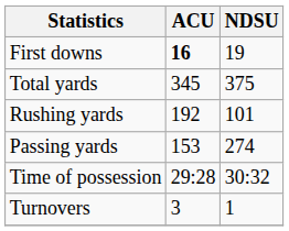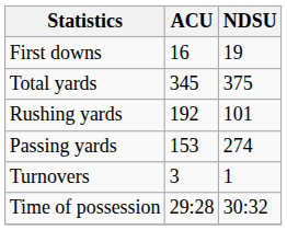 <table class="wikitable" style="float: left;">
 <tr>
 <th>Statistics</th>
 <th>ACU</th>
 <th>NDSU</th>
 </tr>
 <tr>
 <td>First downs</td>
-<td><strong>16</strong></td>
+<td>16</td>
 <td>19</td>
 </tr>
 <tr>
 <td>Total yards</td>
 <td>345</td>
 <td>375</td>
 </tr>
 <tr>
 <td>Rushing yards</td>
 <td>192</td>
 <td>101</td>
 </tr>
 <tr>
 <td>Passing yards</td>
 <td>153</td>
 <td>274</td>
 </tr>
 <tr>
+<td>Turnovers</td>
+<td>3</td>
+<td>1</td>
+</tr>
+<tr>
 <td>Time of possession</td>
 <td>29:28</td>
 <td>30:32</td>
 </tr>
 <tr>
-<td>Turnovers</td>
-<td>3</td>
-<td>1</td>
-</tr>
-<tr>
 </tr>
 </table>
